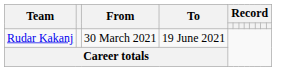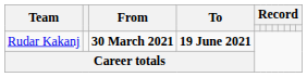 <table class="wikitable" style="text-align: center">
 <tr>
 <th rowspan="2">Team</th>
 <th rowspan="2"></th>
 <th rowspan="2">From</th>
 <th rowspan="2">To</th>
 <th colspan="8">Record</th>
 </tr>
 <tr>
 <th></th>
 <th></th>
 <th></th>
 <th></th>
 <th></th>
 <th></th>
 <th></th>
 <th></th>
 </tr>
 <tr>
 <td align=left><a href='#'>Rudar Kakanj</a></td>
 <td></td>
-<td align=left>30 March 2021</td>
-<td align=left>19 June 2021<br></td>
+<td align=left><strong>30 March 2021</strong></td>
+<td align=left><strong>19 June 2021<br></strong></td>
 </tr>
 <tr>
 <th colspan=4>Career totals<br></th>
 </tr>
 </table>
